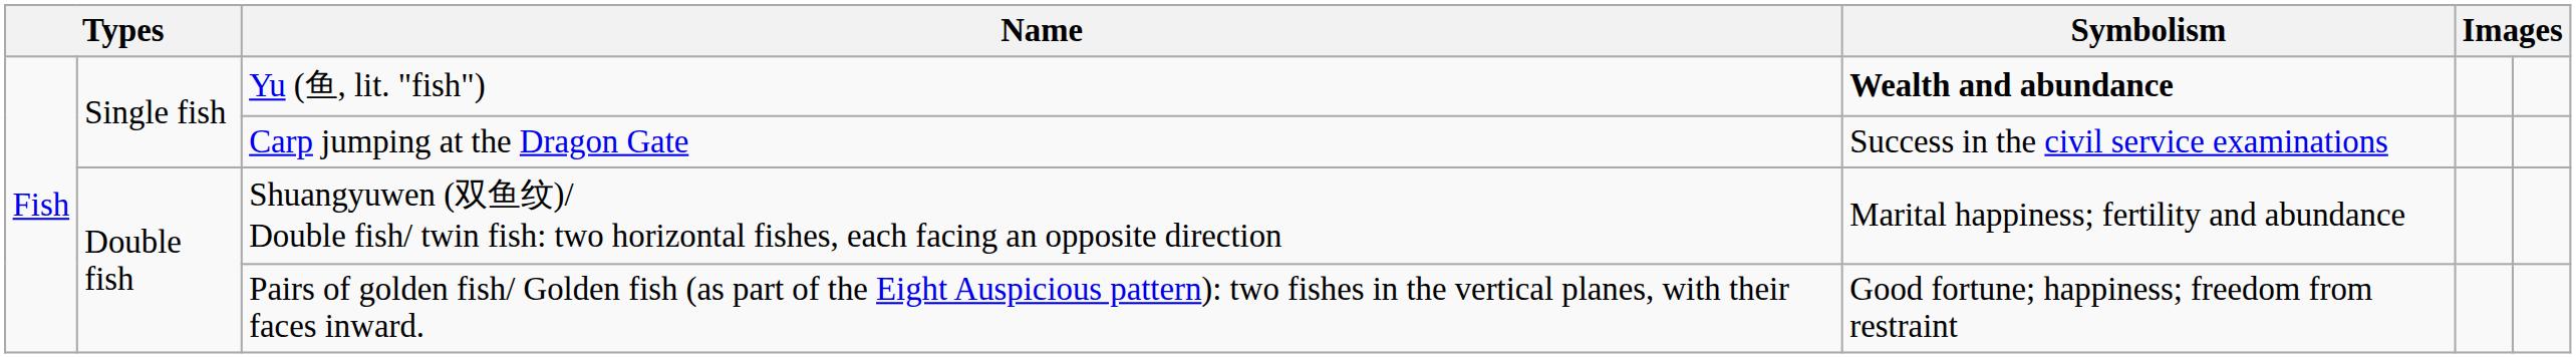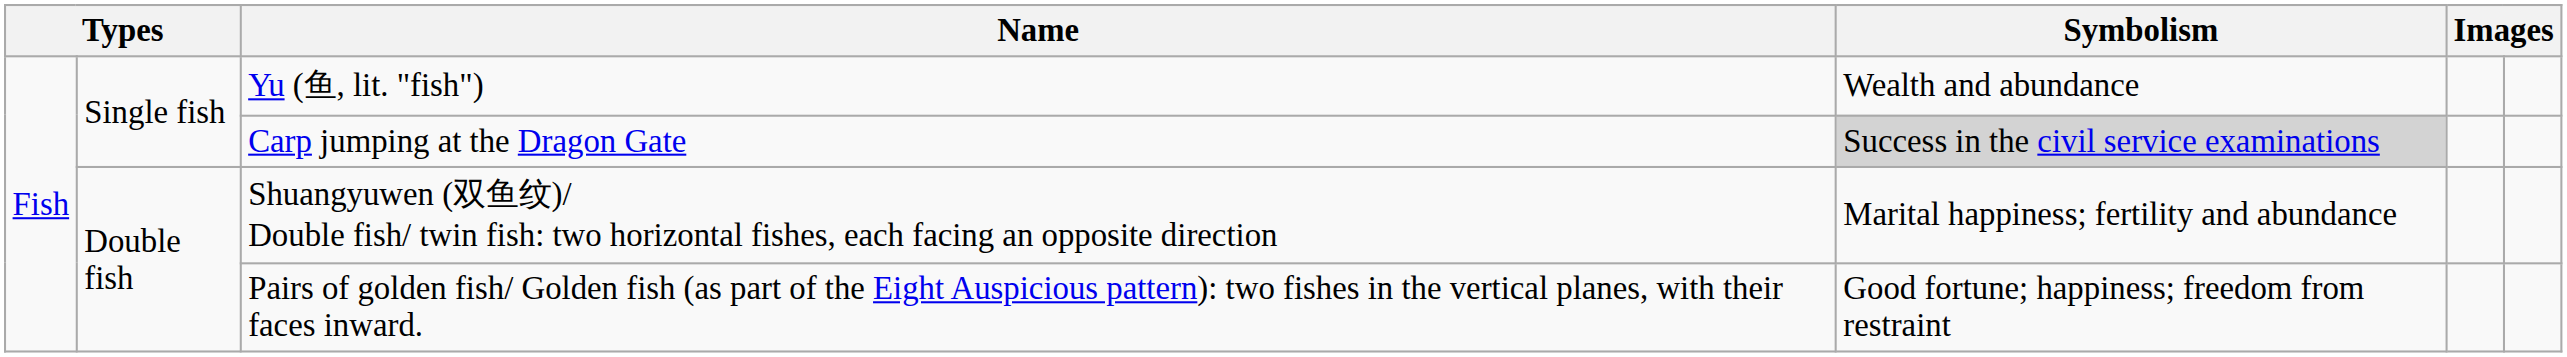 <table class="wikitable sortable mw-collapsible">
 <tr>
 <th colspan="2">Types</th>
 <th>Name</th>
 <th>Symbolism</th>
 <th colspan="2">Images</th>
 </tr>
 <tr>
 <td rowspan="4"><a href='#'>Fish</a></td>
 <td rowspan="2">Single fish</td>
 <td><a href='#'>Yu</a> (鱼, lit. "fish")</td>
-<td><strong>Wealth and abundance</strong></td>
+<td>Wealth and abundance</td>
 <td></td>
 <td></td>
 </tr>
 <tr>
 <td><a href='#'>Carp</a> jumping at the <a href='#'>Dragon Gate</a></td>
-<td>Success in the <a href='#'>civil service examinations</a><a href='#'></a></td>
+<td style="background: lightgrey;">Success in the <a href='#'>civil service examinations</a><a href='#'></a></td>
 <td></td>
 <td></td>
 </tr>
 <tr>
 <td rowspan="2">Double fish</td>
 <td>Shuangyuwen (双鱼纹)/<br>Double fish/ twin fish: two horizontal fishes, each facing an opposite direction</td>
 <td>Marital happiness; fertility and abundance</td>
 <td></td>
 <td></td>
 </tr>
 <tr>
 <td>Pairs of golden fish/ Golden fish (as part of the <a href='#'>Eight Auspicious pattern</a>): two fishes in the vertical planes, with their faces inward.</td>
 <td>Good fortune; happiness; freedom from restraint</td>
 <td></td>
 <td></td>
 </tr>
 </table>
